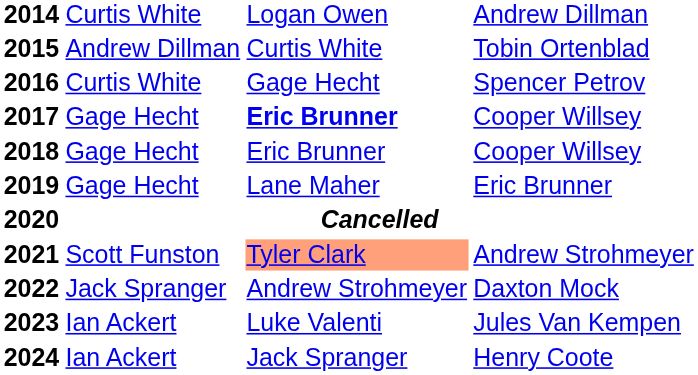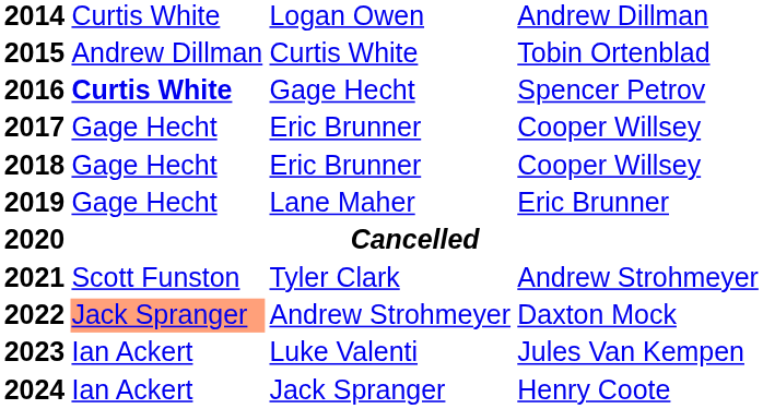 <table>
 <tr>
 <th>2014</th>
 <td> <a href='#'>Curtis White</a></td>
 <td> <a href='#'>Logan Owen</a></td>
 <td> <a href='#'>Andrew Dillman</a></td>
 </tr>
 <tr>
 <th>2015</th>
 <td> <a href='#'>Andrew Dillman</a></td>
 <td> <a href='#'>Curtis White</a></td>
 <td> <a href='#'>Tobin Ortenblad</a></td>
 </tr>
 <tr>
 <th>2016</th>
-<td> <a href='#'>Curtis White</a></td>
+<td><strong> <a href='#'>Curtis White</a></strong></td>
 <td> <a href='#'>Gage Hecht</a></td>
 <td> <a href='#'>Spencer Petrov</a></td>
 </tr>
 <tr>
 <th>2017</th>
 <td> <a href='#'>Gage Hecht</a></td>
-<td><strong> <a href='#'>Eric Brunner</a></strong></td>
+<td> <a href='#'>Eric Brunner</a></td>
 <td> <a href='#'>Cooper Willsey</a></td>
 </tr>
 <tr>
 <th>2018</th>
 <td> <a href='#'>Gage Hecht</a></td>
 <td> <a href='#'>Eric Brunner</a></td>
 <td> <a href='#'>Cooper Willsey</a></td>
 </tr>
 <tr>
 <th>2019</th>
 <td> <a href='#'>Gage Hecht</a></td>
 <td> <a href='#'>Lane Maher</a></td>
 <td> <a href='#'>Eric Brunner</a></td>
 </tr>
 <tr>
 <th>2020</th>
 <th colspan=3 align=center><em>Cancelled</em></th>
 </tr>
 <tr>
 <th>2021</th>
 <td> <a href='#'>Scott Funston</a></td>
-<td style="background: lightsalmon;"> <a href='#'>Tyler Clark</a></td>
+<td> <a href='#'>Tyler Clark</a></td>
 <td> <a href='#'>Andrew Strohmeyer</a></td>
 </tr>
 <tr>
 <th>2022</th>
-<td> <a href='#'>Jack Spranger</a></td>
+<td style="background: lightsalmon;"> <a href='#'>Jack Spranger</a></td>
 <td> <a href='#'>Andrew Strohmeyer</a></td>
 <td> <a href='#'>Daxton Mock</a></td>
 </tr>
 <tr>
 <th>2023</th>
 <td> <a href='#'>Ian Ackert</a></td>
 <td> <a href='#'>Luke Valenti</a></td>
 <td> <a href='#'>Jules Van Kempen</a></td>
 </tr>
 <tr>
 <th>2024</th>
 <td> <a href='#'>Ian Ackert</a></td>
 <td> <a href='#'>Jack Spranger</a></td>
 <td> <a href='#'>Henry Coote</a></td>
 </tr>
 </table>
